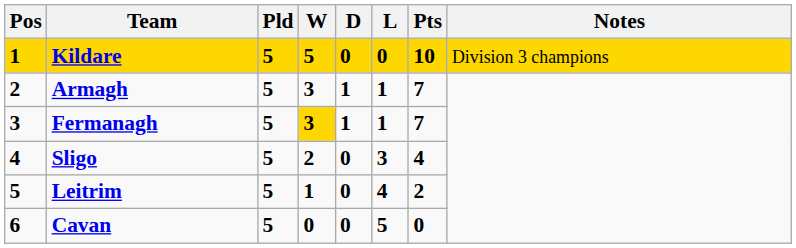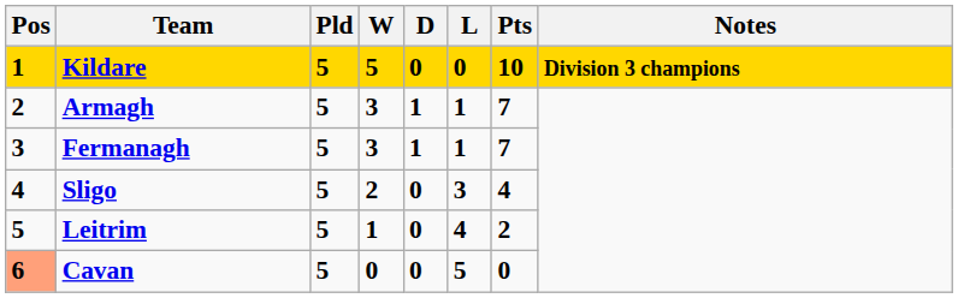 <table class="wikitable" style="text-align: centre;">
 <tr>
 <th width=20>Pos</th>
 <th width=150>Team</th>
 <th width=20>Pld</th>
 <th width=20>W</th>
 <th width=20>D</th>
 <th width=20>L</th>
 <th width=20>Pts</th>
 <th width=250>Notes</th>
 </tr>
 <tr style="background:gold;">
 <td><strong>1</strong></td>
 <td align=left><strong> <a href='#'>Kildare</a> </strong></td>
 <td><strong>5</strong></td>
 <td><strong>5</strong></td>
 <td><strong>0</strong></td>
 <td><strong>0</strong></td>
 <td><strong>10</strong></td>
-<td><small>Division 3 champions</small></td>
+<td><strong><small>Division 3 champions</small></strong></td>
 </tr>
 <tr>
 <td><strong>2</strong></td>
 <td align=left><strong> <a href='#'>Armagh</a> </strong></td>
 <td><strong>5</strong></td>
 <td><strong>3</strong></td>
 <td><strong>1</strong></td>
 <td><strong>1</strong></td>
 <td><strong>7</strong></td>
 </tr>
 <tr>
 <td><strong>3</strong></td>
 <td align=left><strong> <a href='#'>Fermanagh</a> </strong></td>
 <td><strong>5</strong></td>
-<td style="background: gold;"><strong>3</strong></td>
+<td><strong>3</strong></td>
 <td><strong>1</strong></td>
 <td><strong>1</strong></td>
 <td><strong>7</strong></td>
 </tr>
 <tr>
 <td><strong>4</strong></td>
 <td align=left><strong> <a href='#'>Sligo</a> </strong></td>
 <td><strong>5</strong></td>
 <td><strong>2</strong></td>
 <td><strong>0</strong></td>
 <td><strong>3</strong></td>
 <td><strong>4</strong></td>
 </tr>
 <tr>
 <td><strong>5</strong></td>
 <td align=left><strong> <a href='#'>Leitrim</a> </strong></td>
 <td><strong>5</strong></td>
 <td><strong>1</strong></td>
 <td><strong>0</strong></td>
 <td><strong>4</strong></td>
 <td><strong>2</strong></td>
 </tr>
 <tr>
-<td><strong>6</strong></td>
+<td style="background: lightsalmon;"><strong>6</strong></td>
 <td align=left><strong> <a href='#'>Cavan</a> </strong></td>
 <td><strong>5</strong></td>
 <td><strong>0</strong></td>
 <td><strong>0</strong></td>
 <td><strong>5</strong></td>
 <td><strong>0</strong></td>
 </tr>
 </table>
